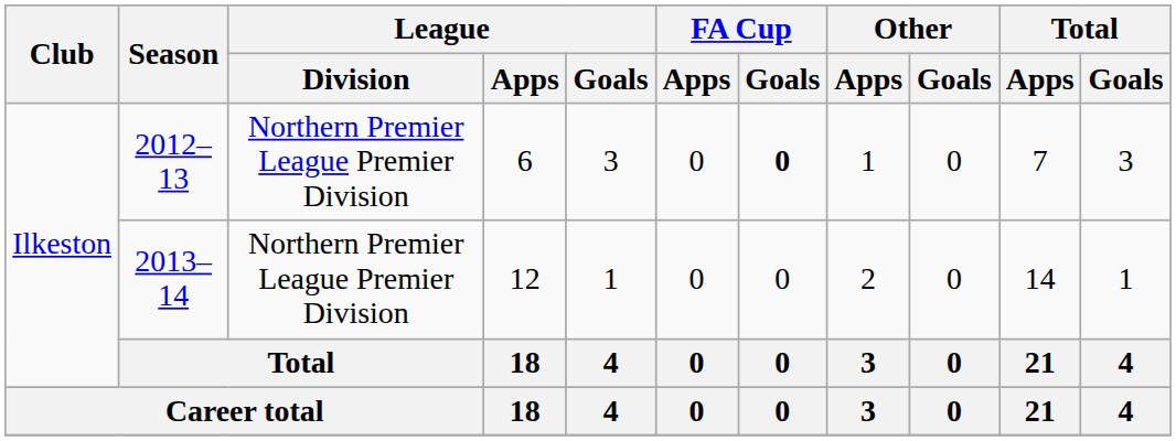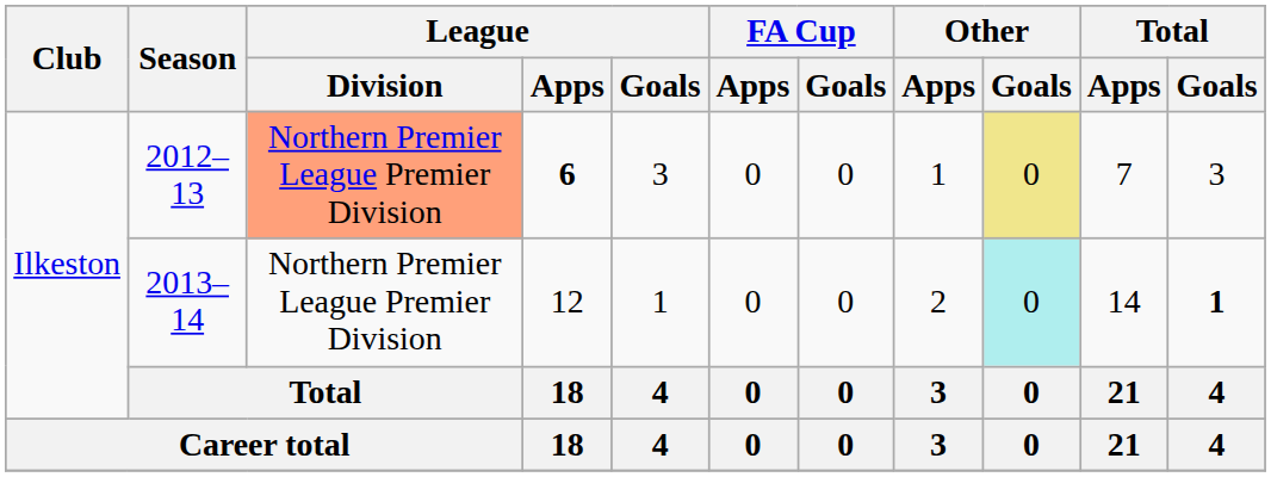 <table class=wikitable style="text-align:center">
 <tr>
 <th rowspan="2">Club</th>
 <th rowspan="2">Season</th>
 <th colspan="3">League</th>
 <th colspan="2"><a href='#'>FA Cup</a></th>
 <th colspan="2">Other</th>
 <th colspan="2">Total</th>
 </tr>
 <tr>
 <th>Division</th>
 <th>Apps</th>
 <th>Goals</th>
 <th>Apps</th>
 <th>Goals</th>
 <th>Apps</th>
 <th>Goals</th>
 <th>Apps</th>
 <th>Goals</th>
 </tr>
 <tr>
 <td rowspan="3"><a href='#'>Ilkeston</a></td>
 <td><a href='#'>2012–13</a></td>
-<td><a href='#'>Northern Premier League</a> Premier Division</td>
-<td>6</td>
+<td style="background: lightsalmon;"><a href='#'>Northern Premier League</a> Premier Division</td>
+<td><strong>6</strong></td>
 <td>3</td>
 <td>0</td>
-<td><strong>0</strong></td>
+<td>0</td>
 <td>1</td>
-<td>0</td>
+<td style="background: khaki;">0</td>
 <td>7</td>
 <td>3</td>
 </tr>
 <tr>
 <td><a href='#'>2013–14</a></td>
 <td>Northern Premier League Premier Division</td>
 <td>12</td>
 <td>1</td>
 <td>0</td>
 <td>0</td>
 <td>2</td>
-<td>0</td>
+<td style="background: paleturquoise;">0</td>
 <td>14</td>
-<td>1</td>
+<td><strong>1</strong></td>
 </tr>
 <tr>
 <th colspan="2">Total</th>
 <th>18</th>
 <th>4</th>
 <th>0</th>
 <th>0</th>
 <th>3</th>
 <th>0</th>
 <th>21</th>
 <th>4</th>
 </tr>
 <tr>
 <th colspan="3">Career total</th>
 <th>18</th>
 <th>4</th>
 <th>0</th>
 <th>0</th>
 <th>3</th>
 <th>0</th>
 <th>21</th>
 <th>4</th>
 </tr>
 <tr>
 </tr>
 </table>
